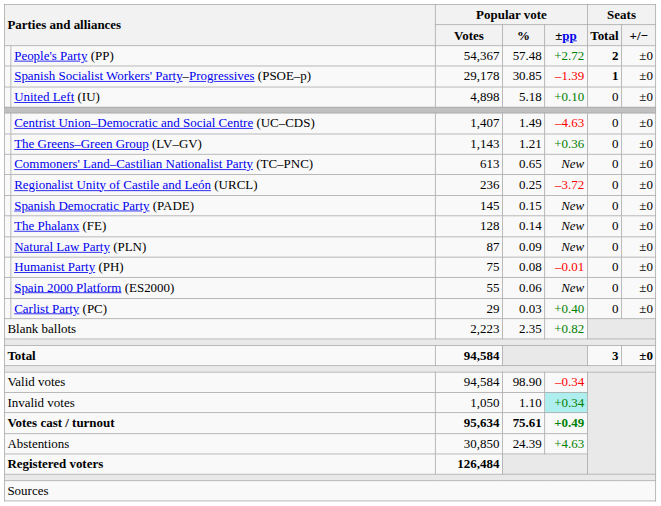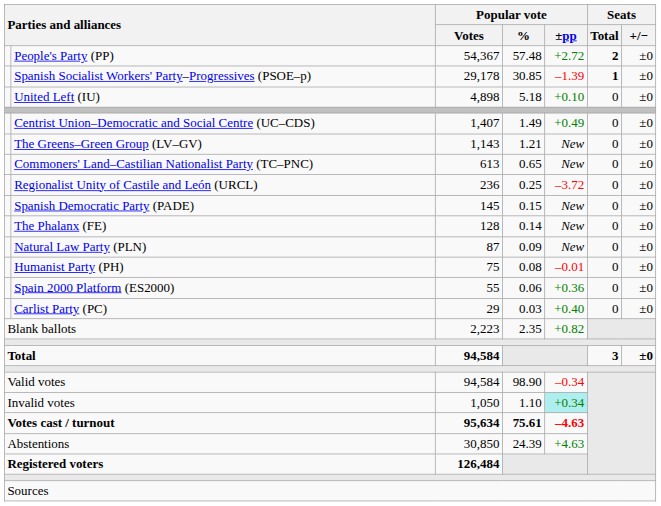 <table class="wikitable" style="text-align:right;">
 <tr>
 <th style="text-align:left;" rowspan="2" colspan="2" width="525">Parties and alliances</th>
 <th colspan="3">Popular vote</th>
 <th colspan="2">Seats</th>
 </tr>
 <tr>
 <th width="75">Votes</th>
 <th width="45">%</th>
 <th width="45">±<a href='#'>pp</a></th>
 <th width="35">Total</th>
 <th width="35">+/−</th>
 </tr>
 <tr>
 <td width="1" style="color:inherit;background:"></td>
 <td align="left"><a href='#'>People's Party</a> (PP)</td>
 <td>54,367</td>
 <td>57.48</td>
 <td style="color:green;">+2.72</td>
 <td><strong>2</strong></td>
 <td>±0</td>
 </tr>
 <tr>
 <td style="color:inherit;background:"></td>
 <td align="left"><a href='#'>Spanish Socialist Workers' Party</a>–<a href='#'>Progressives</a> (PSOE–p)</td>
 <td>29,178</td>
 <td>30.85</td>
 <td style="color:red;">–1.39</td>
 <td><strong>1</strong></td>
 <td>±0</td>
 </tr>
 <tr>
 <td style="color:inherit;background:"></td>
 <td align="left"><a href='#'>United Left</a> (IU)</td>
 <td>4,898</td>
 <td>5.18</td>
 <td style="color:green;">+0.10</td>
 <td>0</td>
 <td>±0</td>
 </tr>
 <tr>
 <td colspan="7" bgcolor="#C0C0C0"></td>
 </tr>
 <tr>
 <td style="color:inherit;background:"></td>
 <td align="left"><a href='#'>Centrist Union–Democratic and Social Centre</a> (UC–CDS)</td>
 <td>1,407</td>
 <td>1.49</td>
-<td style="color:red;">–4.63</td>
+<td style="color:green;">+0.49</td>
 <td>0</td>
 <td>±0</td>
 </tr>
 <tr>
 <td style="color:inherit;background:"></td>
 <td align="left"><a href='#'>The Greens–Green Group</a> (LV–GV)</td>
 <td>1,143</td>
 <td>1.21</td>
-<td style="color:green;">+0.36</td>
+<td><em>New</em></td>
 <td>0</td>
 <td>±0</td>
 </tr>
 <tr>
 <td style="color:inherit;background:"></td>
 <td align="left"><a href='#'>Commoners' Land–Castilian Nationalist Party</a> (TC–PNC)</td>
 <td>613</td>
 <td>0.65</td>
 <td><em>New</em></td>
 <td>0</td>
 <td>±0</td>
 </tr>
 <tr>
 <td style="color:inherit;background:"></td>
 <td align="left"><a href='#'>Regionalist Unity of Castile and León</a> (URCL)</td>
 <td>236</td>
 <td>0.25</td>
 <td style="color:red;">–3.72</td>
 <td>0</td>
 <td>±0</td>
 </tr>
 <tr>
 <td style="color:inherit;background:"></td>
 <td align="left"><a href='#'>Spanish Democratic Party</a> (PADE)</td>
 <td>145</td>
 <td>0.15</td>
 <td><em>New</em></td>
 <td>0</td>
 <td>±0</td>
 </tr>
 <tr>
 <td style="color:inherit;background:"></td>
 <td align="left"><a href='#'>The Phalanx</a> (FE)</td>
 <td>128</td>
 <td>0.14</td>
 <td><em>New</em></td>
 <td>0</td>
 <td>±0</td>
 </tr>
 <tr>
 <td style="color:inherit;background:"></td>
 <td align="left"><a href='#'>Natural Law Party</a> (PLN)</td>
 <td>87</td>
 <td>0.09</td>
 <td><em>New</em></td>
 <td>0</td>
 <td>±0</td>
 </tr>
 <tr>
 <td style="color:inherit;background:"></td>
 <td align="left"><a href='#'>Humanist Party</a> (PH)</td>
 <td>75</td>
 <td>0.08</td>
 <td style="color:red;">–0.01</td>
 <td>0</td>
 <td>±0</td>
 </tr>
 <tr>
 <td style="color:inherit;background:"></td>
 <td align="left"><a href='#'>Spain 2000 Platform</a> (ES2000)</td>
 <td>55</td>
 <td>0.06</td>
-<td><em>New</em></td>
+<td style="color:green;">+0.36</td>
 <td>0</td>
 <td>±0</td>
 </tr>
 <tr>
 <td style="color:inherit;background:"></td>
 <td align="left"><a href='#'>Carlist Party</a> (PC)</td>
 <td>29</td>
 <td>0.03</td>
 <td style="color:green;">+0.40</td>
 <td>0</td>
 <td>±0</td>
 </tr>
 <tr>
 <td align="left" colspan="2">Blank ballots</td>
 <td>2,223</td>
 <td>2.35</td>
 <td style="color:green;">+0.82</td>
 <td bgcolor="#E9E9E9" colspan="2"></td>
 </tr>
 <tr>
 <td colspan="7" bgcolor="#E9E9E9"></td>
 </tr>
 <tr style="font-weight:bold;">
 <td align="left" colspan="2">Total</td>
 <td>94,584</td>
 <td bgcolor="#E9E9E9" colspan="2"></td>
 <td>3</td>
 <td>±0</td>
 </tr>
 <tr>
 <td colspan="7" bgcolor="#E9E9E9"></td>
 </tr>
 <tr>
 <td align="left" colspan="2">Valid votes</td>
 <td>94,584</td>
 <td>98.90</td>
 <td style="color:red;">–0.34</td>
 <td bgcolor="#E9E9E9" colspan="2" rowspan="5"></td>
 </tr>
 <tr>
 <td align="left" colspan="2">Invalid votes</td>
 <td>1,050</td>
 <td>1.10</td>
 <td style="background: paleturquoise; color:green;">+0.34</td>
 </tr>
 <tr style="font-weight:bold;">
 <td align="left" colspan="2">Votes cast / turnout</td>
 <td>95,634</td>
 <td>75.61</td>
-<td style="color:green;">+0.49</td>
+<td style="color:red;">–4.63</td>
 </tr>
 <tr>
 <td align="left" colspan="2">Abstentions</td>
 <td>30,850</td>
 <td>24.39</td>
 <td style="color:green;">+4.63</td>
 </tr>
 <tr style="font-weight:bold;">
 <td align="left" colspan="2">Registered voters</td>
 <td>126,484</td>
 <td bgcolor="#E9E9E9" colspan="2"></td>
 </tr>
 <tr>
 <td colspan="7" bgcolor="#E9E9E9"></td>
 </tr>
 <tr>
 <td align="left" colspan="7">Sources</td>
 </tr>
 </table>
